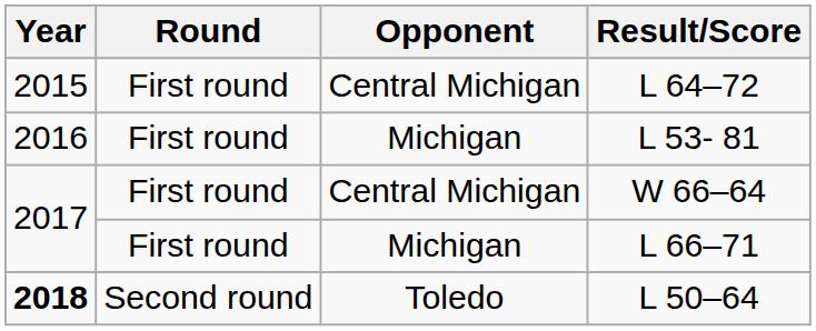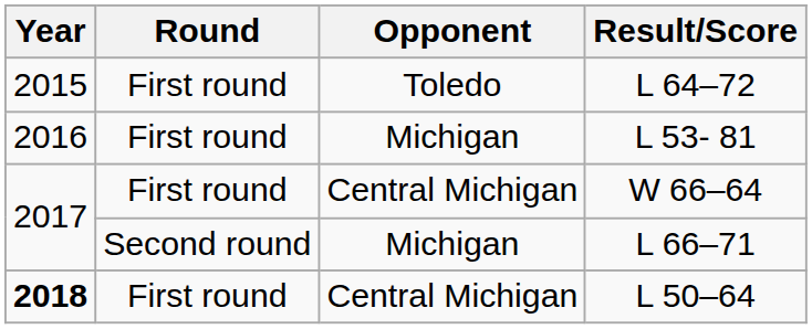 <table class="wikitable" style="text-align:center;">
 <tr>
 <th>Year</th>
 <th>Round</th>
 <th>Opponent</th>
 <th>Result/Score</th>
 </tr>
 <tr>
 <td>2015</td>
 <td>First round</td>
-<td>Central Michigan</td>
+<td>Toledo</td>
 <td>L 64–72</td>
 </tr>
 <tr>
 <td>2016</td>
 <td>First round</td>
 <td>Michigan</td>
 <td>L 53- 81</td>
 </tr>
 <tr>
 <td rowspan = "2">2017</td>
 <td>First round</td>
 <td>Central Michigan</td>
 <td>W 66–64</td>
 </tr>
 <tr>
-<td>First round</td>
+<td>Second round</td>
 <td>Michigan</td>
 <td>L 66–71</td>
 </tr>
 <tr>
 <td><strong>2018</strong></td>
-<td>Second round</td>
-<td>Toledo</td>
+<td>First round</td>
+<td>Central Michigan</td>
 <td>L 50–64</td>
 </tr>
 </table>
